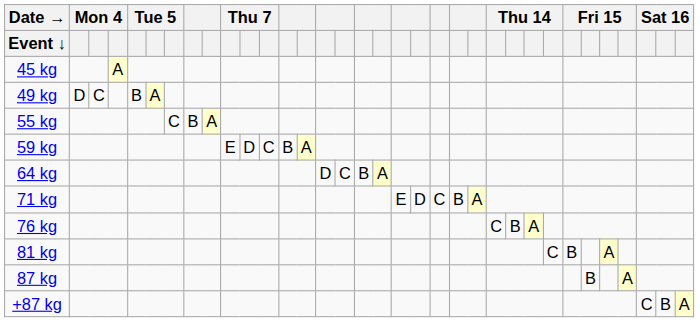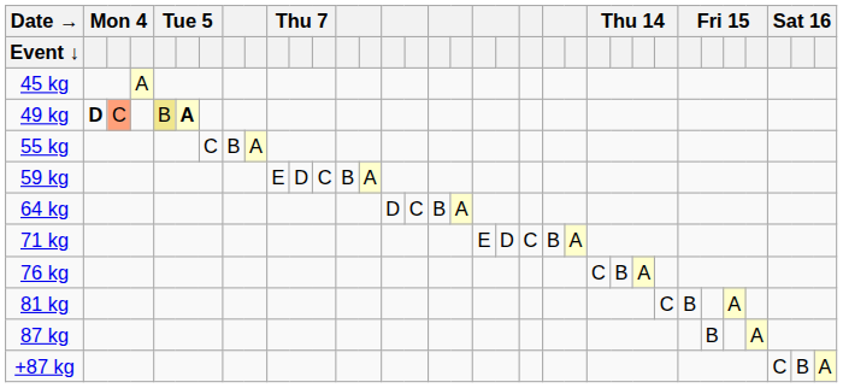 <table class="wikitable" style="text-align:center; font-size:95%">
 <tr>
 <th>Date →</th>
 <th colspan=3>Mon 4</th>
 <th colspan=3>Tue 5</th>
 <th colspan=2></th>
 <th colspan=3>Thu 7</th>
 <th colspan=2></th>
 <th colspan=2></th>
 <th colspan=2></th>
 <th colspan=2></th>
 <th></th>
 <th colspan=2></th>
 <th colspan=4>Thu 14</th>
 <th colspan=4>Fri 15</th>
 <th colspan=3>Sat 16</th>
 </tr>
 <tr>
 <th>Event ↓</th>
 <th></th>
 <th></th>
 <th></th>
 <th></th>
 <th></th>
 <th></th>
 <th></th>
 <th></th>
 <th></th>
 <th></th>
 <th></th>
 <th></th>
 <th></th>
 <th></th>
 <th></th>
 <th></th>
 <th></th>
 <th></th>
 <th></th>
 <th></th>
 <th></th>
 <th></th>
 <th></th>
 <th></th>
 <th></th>
 <th></th>
 <th></th>
 <th></th>
 <th></th>
 <th></th>
 <th></th>
 <th></th>
 <th></th>
 </tr>
 <tr>
 <td><a href='#'>45 kg</a></td>
 <td colspan=2></td>
 <td style="background-color:#ffffcc;">A</td>
 <td colspan=3></td>
 <td colspan=2></td>
 <td colspan=3></td>
 <td colspan=2></td>
 <td colspan=2></td>
 <td colspan=2></td>
 <td colspan=2></td>
 <td></td>
 <td colspan=2></td>
 <td colspan=4></td>
 <td colspan=4></td>
 <td colspan=3></td>
 </tr>
 <tr>
 <td><a href='#'>49 kg</a></td>
-<td>D</td>
-<td>C</td>
+<td><strong>D</strong></td>
+<td style="background: lightsalmon;">C</td>
 <td></td>
-<td>B</td>
-<td style="background-color:#ffffcc;">A</td>
+<td style="background: khaki;">B</td>
+<td style="background-color:#ffffcc;"><strong>A</strong></td>
 <td></td>
 <td colspan=2></td>
 <td colspan=3></td>
 <td colspan=2></td>
 <td colspan=2></td>
 <td colspan=2></td>
 <td colspan=2></td>
 <td></td>
 <td colspan=2></td>
 <td colspan=4></td>
 <td colspan=4></td>
 <td colspan=3></td>
 </tr>
 <tr>
 <td><a href='#'>55 kg</a></td>
 <td colspan=3></td>
 <td colspan=2></td>
 <td>C</td>
 <td>B</td>
 <td style="background-color:#ffffcc;">A</td>
 <td colspan=3></td>
 <td colspan=2></td>
 <td colspan=2></td>
 <td colspan=2></td>
 <td colspan=2></td>
 <td></td>
 <td colspan=2></td>
 <td colspan=4></td>
 <td colspan=4></td>
 <td colspan=3></td>
 </tr>
 <tr>
 <td><a href='#'>59 kg</a></td>
 <td colspan=3></td>
 <td colspan=3></td>
 <td colspan=2></td>
 <td>E</td>
 <td>D</td>
 <td>C</td>
 <td>B</td>
 <td style="background-color:#ffffcc;">A</td>
 <td colspan=2></td>
 <td colspan=2></td>
 <td colspan=2></td>
 <td></td>
 <td colspan=2></td>
 <td colspan=4></td>
 <td colspan=4></td>
 <td colspan=3></td>
 </tr>
 <tr>
 <td><a href='#'>64 kg</a></td>
 <td colspan=3></td>
 <td colspan=3></td>
 <td colspan=2></td>
 <td colspan=3></td>
 <td colspan=2></td>
 <td>D</td>
 <td>C</td>
 <td>B</td>
 <td style="background-color:#ffffcc;">A</td>
 <td colspan=2></td>
 <td></td>
 <td colspan=2></td>
 <td colspan=4></td>
 <td colspan=4></td>
 <td colspan=3></td>
 </tr>
 <tr>
 <td><a href='#'>71 kg</a></td>
 <td colspan=3></td>
 <td colspan=3></td>
 <td colspan=2></td>
 <td colspan=3></td>
 <td colspan=2></td>
 <td colspan=2></td>
 <td colspan=2></td>
 <td>E</td>
 <td>D</td>
 <td>C</td>
 <td>B</td>
 <td style="background-color:#ffffcc;">A</td>
 <td colspan=4></td>
 <td colspan=4></td>
 <td colspan=3></td>
 </tr>
 <tr>
 <td><a href='#'>76 kg</a></td>
 <td colspan=3></td>
 <td colspan=3></td>
 <td colspan=2></td>
 <td colspan=3></td>
 <td colspan=2></td>
 <td colspan=2></td>
 <td colspan=2></td>
 <td colspan=2></td>
 <td></td>
 <td colspan=2></td>
 <td>C</td>
 <td>B</td>
 <td style="background-color:#ffffcc;">A</td>
 <td></td>
 <td colspan=4></td>
 <td colspan=3></td>
 </tr>
 <tr>
 <td><a href='#'>81 kg</a></td>
 <td colspan=3></td>
 <td colspan=3></td>
 <td colspan=2></td>
 <td colspan=3></td>
 <td colspan=2></td>
 <td colspan=2></td>
 <td colspan=2></td>
 <td colspan=2></td>
 <td></td>
 <td colspan=2></td>
 <td colspan=3></td>
 <td>C</td>
 <td>B</td>
 <td></td>
 <td style="background-color:#ffffcc;">A</td>
 <td></td>
 <td colspan=3></td>
 </tr>
 <tr>
 <td><a href='#'>87 kg</a></td>
 <td colspan=3></td>
 <td colspan=3></td>
 <td colspan=2></td>
 <td colspan=3></td>
 <td colspan=2></td>
 <td colspan=2></td>
 <td colspan=2></td>
 <td colspan=2></td>
 <td></td>
 <td colspan=2></td>
 <td colspan=4></td>
 <td></td>
 <td>B</td>
 <td></td>
 <td style="background-color:#ffffcc;">A</td>
 <td colspan=3></td>
 </tr>
 <tr>
 <td><a href='#'>+87 kg</a></td>
 <td colspan=3></td>
 <td colspan=3></td>
 <td colspan=2></td>
 <td colspan=3></td>
 <td colspan=2></td>
 <td colspan=2></td>
 <td colspan=2></td>
 <td colspan=2></td>
 <td></td>
 <td colspan=2></td>
 <td colspan=4></td>
 <td colspan=4></td>
 <td>C</td>
 <td>B</td>
 <td style="background-color:#ffffcc;">A</td>
 </tr>
 </table>
